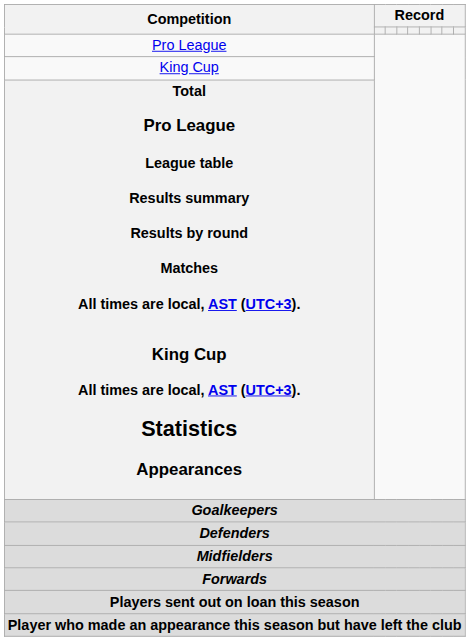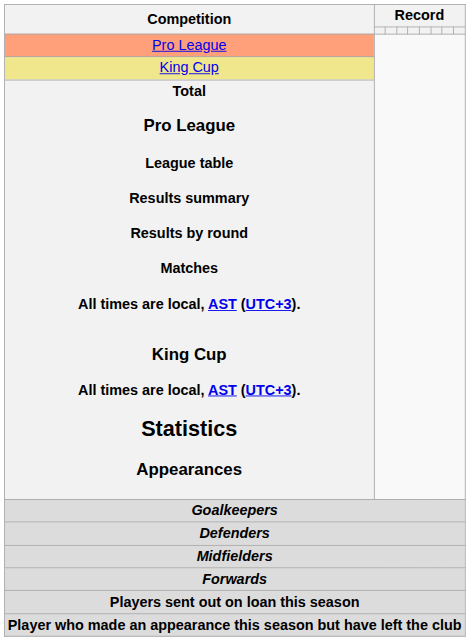 <table class="wikitable" style="text-align: center">
 <tr>
 <th rowspan=2>Competition</th>
 <th colspan=8>Record</th>
 </tr>
 <tr>
 <th></th>
 <th></th>
 <th></th>
 <th></th>
 <th></th>
 <th></th>
 <th></th>
 <th></th>
 </tr>
 <tr>
-<td><a href='#'>Pro League</a><br></td>
+<td style="background: lightsalmon;"><a href='#'>Pro League</a><br></td>
 </tr>
 <tr>
-<td><a href='#'>King Cup</a><br></td>
+<td style="background: khaki;"><a href='#'>King Cup</a><br></td>
 </tr>
 <tr>
 <th>Total<br> <h3>Pro League</h3><h4>League table</h4><h4>Results summary</h4> <h4>Results by round</h4><h4>Matches</h4>All times are local, <a href='#'>AST</a> (<a href='#'>UTC+3</a>).<br>   <br>                             <h3>King Cup</h3> All times are local, <a href='#'>AST</a> (<a href='#'>UTC+3</a>).<br> <h2>Statistics</h2><h3>Appearances</h3></th>
 </tr>
 <tr>
 <th colspan=10 style=background:#dcdcdc; text-align:center><em>Goalkeepers</em><br>   </th>
 </tr>
 <tr>
 <th colspan=10 style=background:#dcdcdc; text-align:center><em>Defenders</em><br>      </th>
 </tr>
 <tr>
 <th colspan=10 style=background:#dcdcdc; text-align:center><em>Midfielders</em><br>                  </th>
 </tr>
 <tr>
 <th colspan=10 style=background:#dcdcdc; text-align:center><em>Forwards</em><br> </th>
 </tr>
 <tr>
 <th colspan=10 style=background:#dcdcdc; text-align:center>Players sent out on loan this season<br></th>
 </tr>
 <tr>
 <th colspan=18 style=background:#dcdcdc; text-align:center>Player who made an appearance this season but have left the club<br>  </th>
 </tr>
 </table>
